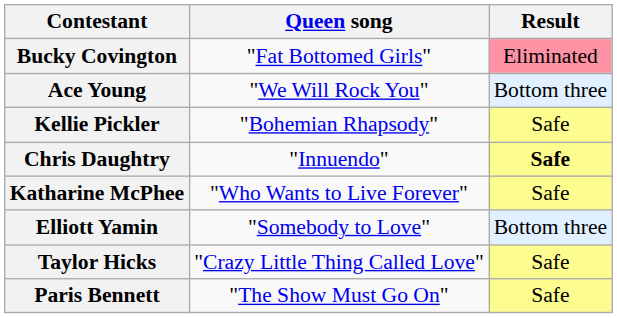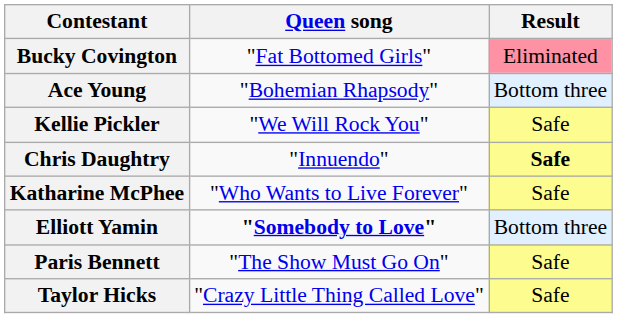 <table class="wikitable unsortable" style="text-align:center;">
 <tr>
 <th scope="col">Contestant</th>
 <th scope="col"><a href='#'>Queen</a> song</th>
 <th scope="col">Result</th>
 </tr>
 <tr>
 <th scope="row">Bucky Covington</th>
 <td>"<a href='#'>Fat Bottomed Girls</a>"</td>
 <td bgcolor="FF91A4">Eliminated</td>
 </tr>
 <tr>
 <th scope="row">Ace Young</th>
-<td>"<a href='#'>We Will Rock You</a>"</td>
+<td>"<a href='#'>Bohemian Rhapsody</a>"</td>
 <td bgcolor="E0F0FF">Bottom three</td>
 </tr>
 <tr>
 <th scope="row">Kellie Pickler</th>
-<td>"<a href='#'>Bohemian Rhapsody</a>"</td>
+<td>"<a href='#'>We Will Rock You</a>"</td>
 <td style="background:#FDFC8F">Safe</td>
 </tr>
 <tr>
 <th scope="row">Chris Daughtry</th>
 <td>"<a href='#'>Innuendo</a>"</td>
 <td style="background:#FDFC8F"><strong>Safe</strong></td>
 </tr>
 <tr>
 <th scope="row">Katharine McPhee</th>
 <td>"<a href='#'>Who Wants to Live Forever</a>"</td>
 <td style="background:#FDFC8F">Safe</td>
 </tr>
 <tr>
 <th scope="row">Elliott Yamin</th>
-<td>"<a href='#'>Somebody to Love</a>"</td>
+<td><strong>"<a href='#'>Somebody to Love</a>"</strong></td>
 <td bgcolor="E0F0FF">Bottom three</td>
+</tr>
+<tr>
+<th scope="row">Paris Bennett</th>
+<td>"<a href='#'>The Show Must Go On</a>"</td>
+<td style="background:#FDFC8F">Safe</td>
 </tr>
 <tr>
 <th scope="row">Taylor Hicks</th>
 <td>"<a href='#'>Crazy Little Thing Called Love</a>"</td>
 <td style="background:#FDFC8F">Safe</td>
 </tr>
-<tr>
-<th scope="row">Paris Bennett</th>
-<td>"<a href='#'>The Show Must Go On</a>"</td>
-<td style="background:#FDFC8F">Safe</td>
-</tr>
 </table>
